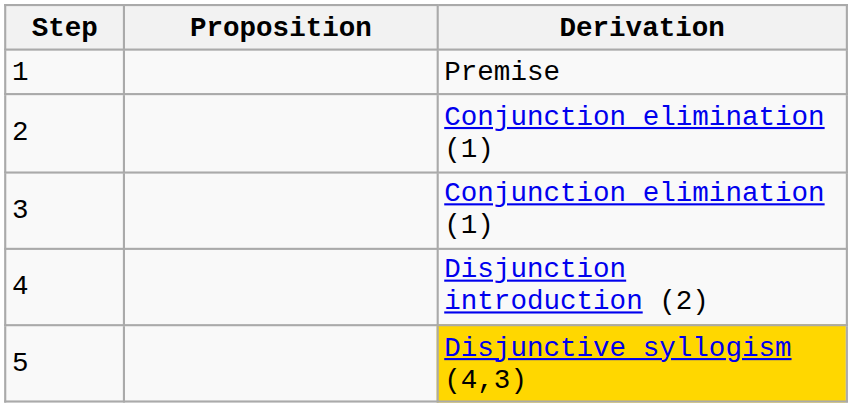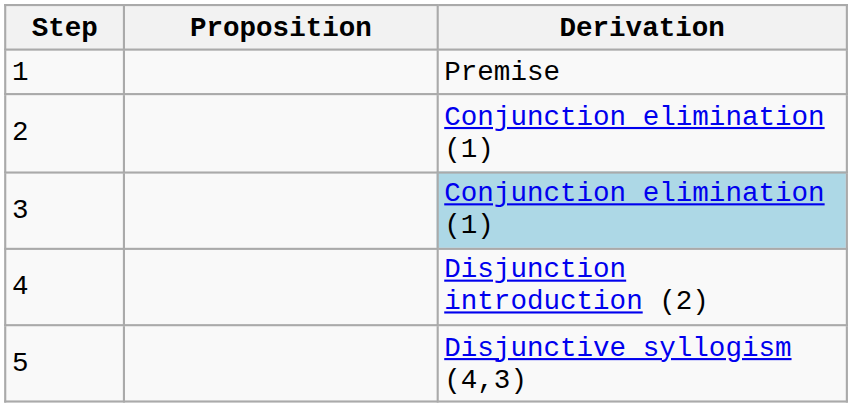 <table class="wikitable" style="margin-left: auto; margin-right: auto; border: none; width: 45%">
 <tr>
 <th style="width:5%">Step</th>
 <th style="width:15%">Proposition</th>
 <th style="width:25%">Derivation</th>
 </tr>
 <tr>
 <td>1</td>
 <td></td>
 <td>Premise</td>
 </tr>
 <tr>
 <td>2</td>
 <td></td>
 <td><a href='#'>Conjunction elimination</a> (1)</td>
 </tr>
 <tr>
 <td>3</td>
 <td></td>
-<td><a href='#'>Conjunction elimination</a> (1)</td>
+<td style="background: lightblue;"><a href='#'>Conjunction elimination</a> (1)</td>
 </tr>
 <tr>
 <td>4</td>
 <td></td>
 <td><a href='#'>Disjunction introduction</a> (2)</td>
 </tr>
 <tr>
 <td>5</td>
 <td></td>
-<td style="background: gold;"><a href='#'>Disjunctive syllogism</a> (4,3)</td>
+<td><a href='#'>Disjunctive syllogism</a> (4,3)</td>
 </tr>
 <tr>
 </tr>
 </table>
